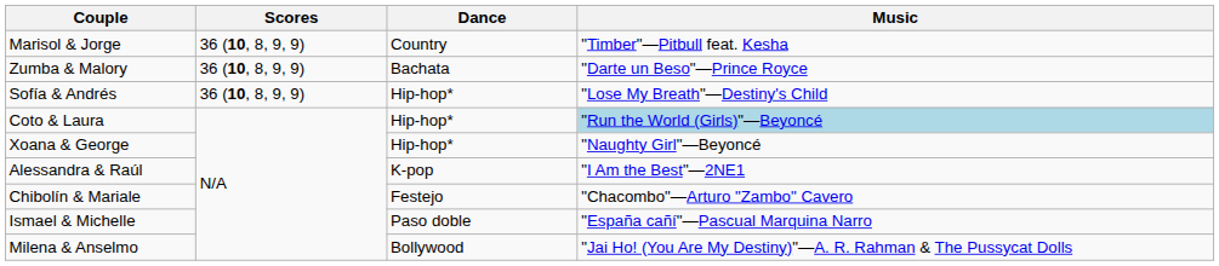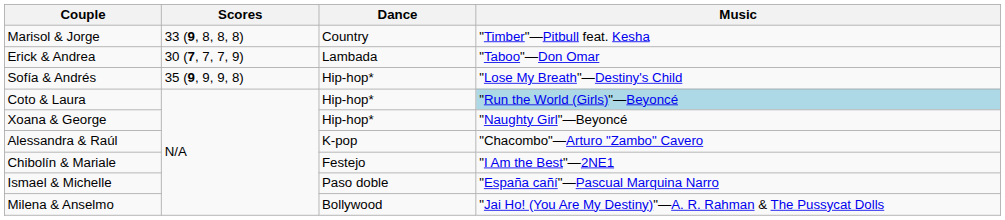 <table class="wikitable sortable" style="width:95%; ; white-space:nowrap;">
 <tr>
 <th style="width:15%;">Couple</th>
 <th style="width:15%;">Scores</th>
 <th style="width:15%;">Dance</th>
 <th style="width:50%;">Music</th>
 </tr>
 <tr>
 <td>Marisol & Jorge</td>
-<td>36 (<strong>10</strong>, 8, 9, 9)</td>
+<td>33 (<strong>9</strong>, 8, 8, 8)</td>
 <td> Country</td>
 <td>"<a href='#'>Timber</a>"—<a href='#'>Pitbull</a> feat. <a href='#'>Kesha</a></td>
 </tr>
 <tr>
-<td>Zumba & Malory</td>
-<td>36 (<strong>10</strong>, 8, 9, 9)</td>
-<td> Bachata</td>
-<td>"<a href='#'>Darte un Beso</a>"—<a href='#'>Prince Royce</a></td>
+<td>Erick & Andrea</td>
+<td>30 (<strong>7</strong>, 7, 7, 9)</td>
+<td> Lambada</td>
+<td>"<a href='#'>Taboo</a>"—<a href='#'>Don Omar</a></td>
 </tr>
 <tr>
 <td>Sofía & Andrés</td>
-<td>36 (<strong>10</strong>, 8, 9, 9)</td>
+<td>35 (<strong>9</strong>, 9, 9, 8)</td>
 <td>Hip-hop*</td>
 <td>"<a href='#'>Lose My Breath</a>"—<a href='#'>Destiny's Child</a></td>
 </tr>
 <tr>
 <td>Coto & Laura</td>
 <td rowspan=6>N/A</td>
 <td>Hip-hop*</td>
 <td style="background: lightblue;">"<a href='#'>Run the World (Girls)</a>"—<a href='#'>Beyoncé</a></td>
 </tr>
 <tr>
 <td>Xoana & George</td>
 <td>Hip-hop*</td>
 <td>"<a href='#'>Naughty Girl</a>"—Beyoncé</td>
 </tr>
 <tr>
 <td>Alessandra & Raúl</td>
 <td> K-pop</td>
-<td>"<a href='#'>I Am the Best</a>"—<a href='#'>2NE1</a></td>
+<td>"Chacombo"—<a href='#'>Arturo "Zambo" Cavero</a></td>
 </tr>
 <tr>
 <td>Chibolín & Mariale</td>
 <td> Festejo</td>
-<td>"Chacombo"—<a href='#'>Arturo "Zambo" Cavero</a></td>
+<td>"<a href='#'>I Am the Best</a>"—<a href='#'>2NE1</a></td>
 </tr>
 <tr>
 <td>Ismael & Michelle</td>
 <td> Paso doble</td>
 <td>"<a href='#'>España cañí</a>"—<a href='#'>Pascual Marquina Narro</a></td>
 </tr>
 <tr>
 <td>Milena & Anselmo</td>
 <td> Bollywood</td>
 <td>"<a href='#'>Jai Ho! (You Are My Destiny)</a>"—<a href='#'>A. R. Rahman</a> & <a href='#'>The Pussycat Dolls</a></td>
 </tr>
 </table>
